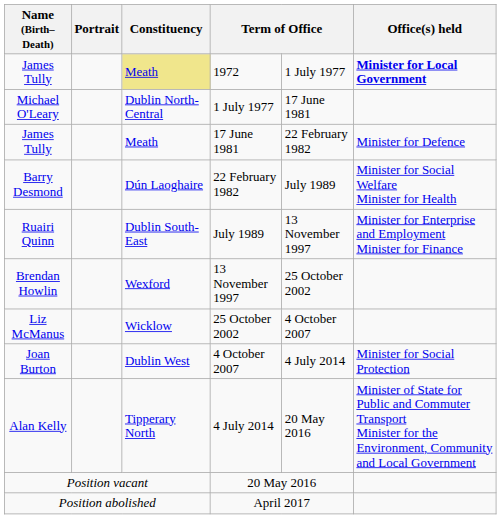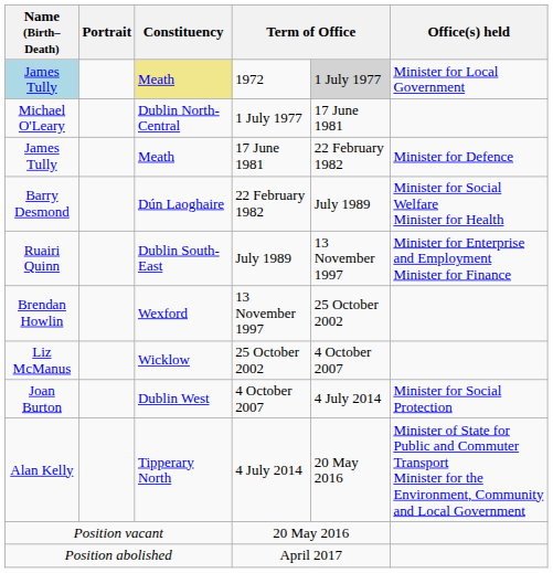 <table class="wikitable">
 <tr>
 <th>Name<br><small>(Birth–Death)</small></th>
 <th>Portrait</th>
 <th>Constituency</th>
 <th colspan=2>Term of Office</th>
 <th>Office(s) held</th>
 </tr>
 <tr>
-<td align=center><a href='#'>James Tully</a></td>
+<td align=center style="background: lightblue;"><a href='#'>James Tully</a></td>
 <td></td>
 <td style="background: khaki;"><a href='#'>Meath</a></td>
 <td>1972</td>
-<td>1 July 1977</td>
-<td><strong><a href='#'>Minister for Local Government</a></strong></td>
+<td style="background: lightgrey;">1 July 1977</td>
+<td><a href='#'>Minister for Local Government</a></td>
 </tr>
 <tr>
 <td align=center><a href='#'>Michael O'Leary</a></td>
 <td></td>
 <td><a href='#'>Dublin North-Central</a></td>
 <td>1 July 1977</td>
 <td>17 June 1981</td>
 <td></td>
 </tr>
 <tr>
 <td align=center><a href='#'>James Tully</a></td>
 <td></td>
 <td><a href='#'>Meath</a></td>
 <td>17 June 1981</td>
 <td>22 February 1982</td>
 <td><a href='#'>Minister for Defence</a></td>
 </tr>
 <tr>
 <td align=center><a href='#'>Barry Desmond</a></td>
 <td></td>
 <td><a href='#'>Dún Laoghaire</a></td>
 <td>22 February 1982</td>
 <td>July 1989</td>
 <td><a href='#'>Minister for Social Welfare</a><br><a href='#'>Minister for Health</a></td>
 </tr>
 <tr>
 <td align=center><a href='#'>Ruairi Quinn</a></td>
 <td></td>
 <td><a href='#'>Dublin South-East</a></td>
 <td>July 1989</td>
 <td>13 November 1997</td>
 <td><a href='#'>Minister for Enterprise and Employment</a><br><a href='#'>Minister for Finance</a></td>
 </tr>
 <tr>
 <td align=center><a href='#'>Brendan Howlin</a></td>
 <td></td>
 <td><a href='#'>Wexford</a></td>
 <td>13 November 1997</td>
 <td>25 October 2002</td>
 <td></td>
 </tr>
 <tr>
 <td align=center><a href='#'>Liz McManus</a></td>
 <td></td>
 <td><a href='#'>Wicklow</a></td>
 <td>25 October 2002</td>
 <td>4 October 2007</td>
 <td></td>
 </tr>
 <tr>
 <td align=center><a href='#'>Joan Burton</a></td>
 <td></td>
 <td><a href='#'>Dublin West</a></td>
 <td>4 October 2007</td>
 <td>4 July 2014</td>
 <td><a href='#'>Minister for Social Protection</a></td>
 </tr>
 <tr>
 <td align=center><a href='#'>Alan Kelly</a></td>
 <td></td>
 <td><a href='#'>Tipperary North</a></td>
 <td>4 July 2014</td>
 <td>20 May 2016</td>
 <td><a href='#'>Minister of State for Public and Commuter Transport</a><br> <a href='#'>Minister for the Environment, Community and Local Government</a></td>
 </tr>
 <tr>
 <td align=center colspan="3"><em>Position vacant</em></td>
 <td colspan=2 align=center>20 May 2016</td>
 <td colspan=2></td>
 </tr>
 <tr>
 <td align=center colspan="3"><em>Position abolished</em></td>
 <td colspan=2 align=center>April 2017</td>
 <td colspan=2></td>
 </tr>
 </table>
